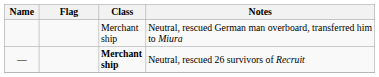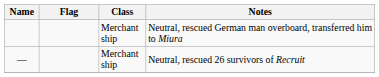 <table class="wikitable sortable">
 <tr>
 <th scope="col" width="50px">Name</th>
 <th scope="col" width="90px">Flag</th>
 <th scope="col" width="70px">Class</th>
 <th>Notes</th>
 </tr>
 <tr>
 <td align="left"></td>
 <td align="left"></td>
 <td align="left">Merchant ship</td>
 <td align="left">Neutral, rescued German man overboard, transferred him to <em>Miura</em></td>
 </tr>
 <tr>
 <td align="center">—</td>
 <td align="left"></td>
-<td align="left"><strong>Merchant ship</strong></td>
+<td align="left">Merchant ship</td>
 <td align="left">Neutral, rescued 26 survivors of <em>Recruit</em></td>
 </tr>
 <tr>
 </tr>
 </table>
